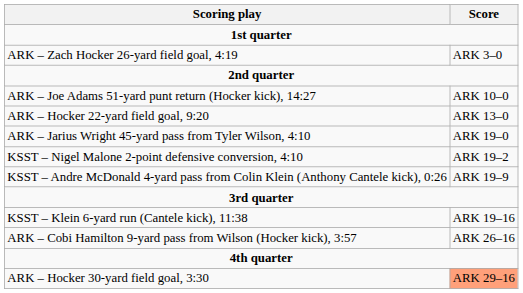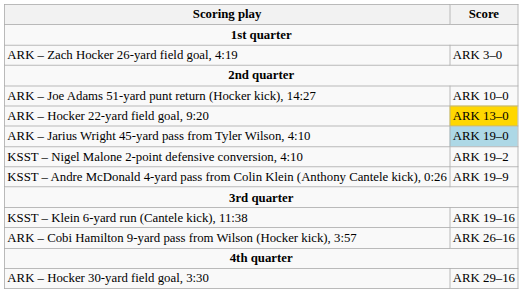 <table class="wikitable">
 <tr>
 <th>Scoring play</th>
 <th>Score</th>
 </tr>
 <tr>
 <td colspan="4" align="center"><strong>1st quarter</strong></td>
 </tr>
 <tr>
 <td>ARK – Zach Hocker 26-yard field goal, 4:19</td>
 <td>ARK 3–0</td>
 </tr>
 <tr>
 <td colspan="4" align="center"><strong>2nd quarter</strong></td>
 </tr>
 <tr>
 <td>ARK – Joe Adams 51-yard punt return (Hocker kick), 14:27</td>
 <td>ARK 10–0</td>
 </tr>
 <tr>
 <td>ARK – Hocker 22-yard field goal, 9:20</td>
-<td>ARK 13–0</td>
+<td style="background: gold;">ARK 13–0</td>
 </tr>
 <tr>
 <td>ARK –	Jarius Wright 45-yard pass from Tyler Wilson, 4:10</td>
-<td>ARK 19–0</td>
+<td style="background: lightblue;">ARK 19–0</td>
 </tr>
 <tr>
 <td>KSST – Nigel Malone 2-point defensive conversion, 4:10</td>
 <td>ARK 19–2</td>
 </tr>
 <tr>
 <td>KSST – Andre McDonald 4-yard pass from Colin Klein (Anthony Cantele kick), 0:26</td>
 <td>ARK 19–9</td>
 </tr>
 <tr>
 <td colspan="4" align="center"><strong>3rd quarter</strong></td>
 </tr>
 <tr>
 <td>KSST – Klein 6-yard run (Cantele kick), 11:38</td>
 <td>ARK 19–16</td>
 </tr>
 <tr>
 <td>ARK – Cobi Hamilton 9-yard pass from Wilson (Hocker kick), 3:57</td>
 <td>ARK 26–16</td>
 </tr>
 <tr>
 <td colspan="4" align="center"><strong>4th quarter</strong></td>
 </tr>
 <tr>
 <td>ARK – Hocker 30-yard field goal, 3:30</td>
-<td style="background: lightsalmon;">ARK 29–16</td>
+<td>ARK 29–16</td>
 </tr>
 </table>
